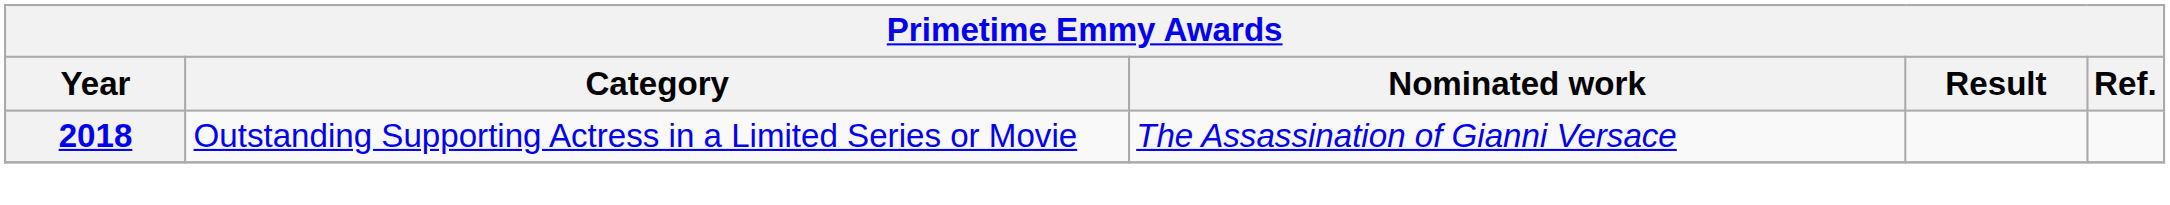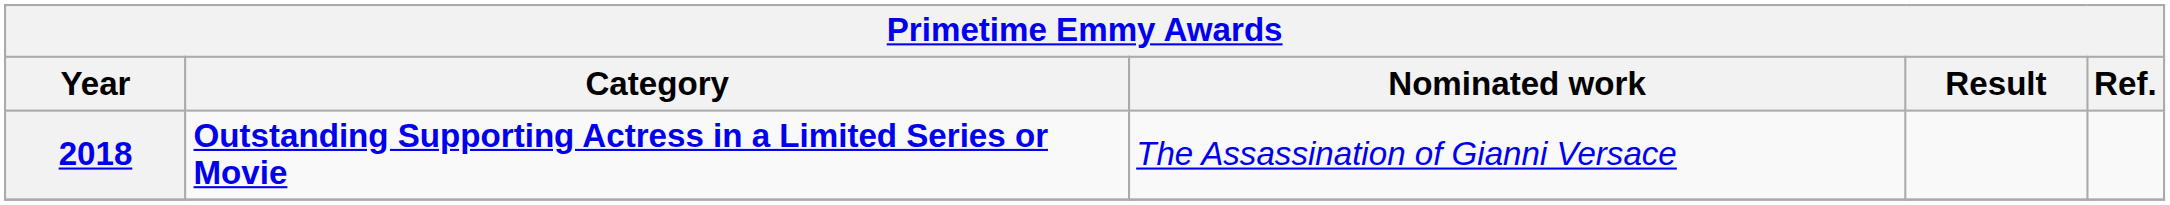 <table class=wikitable>
 <tr>
 <th colspan=5><a href='#'>Primetime Emmy Awards</a></th>
 </tr>
 <tr>
 <th scope="col" style="width:5em;">Year</th>
 <th scope="col" style="width:28em;">Category</th>
 <th scope="col" style="width:23em;">Nominated work</th>
 <th scope="col" style="width:5em;">Result</th>
 <th>Ref.</th>
 </tr>
 <tr>
 <th style="text-align:center;"><a href='#'>2018</a></th>
-<td><a href='#'>Outstanding Supporting Actress in a Limited Series or Movie</a></td>
+<td><strong><a href='#'>Outstanding Supporting Actress in a Limited Series or Movie</a></strong></td>
 <td><em><a href='#'>The Assassination of Gianni Versace</a></em></td>
 <td></td>
 <td style="text-align:center;"></td>
 </tr>
 <tr>
 </tr>
 </table>
